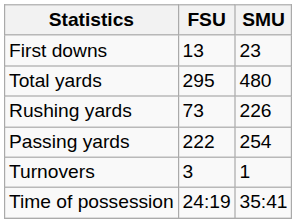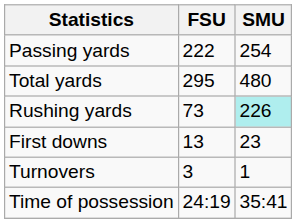 <table class="wikitable" style="float: left;">
 <tr>
 <th>Statistics</th>
 <th>FSU</th>
 <th>SMU</th>
 </tr>
 <tr>
-<td>First downs</td>
-<td>13</td>
-<td>23</td>
+<td>Passing yards</td>
+<td>222</td>
+<td>254</td>
 </tr>
 <tr>
 <td>Total yards</td>
 <td>295</td>
 <td>480</td>
 </tr>
 <tr>
 <td>Rushing yards</td>
 <td>73</td>
-<td>226</td>
+<td style="background: paleturquoise;">226</td>
 </tr>
 <tr>
-<td>Passing yards</td>
-<td>222</td>
-<td>254</td>
+<td>First downs</td>
+<td>13</td>
+<td>23</td>
 </tr>
 <tr>
 <td>Turnovers</td>
 <td>3</td>
 <td>1</td>
 </tr>
 <tr>
 <td>Time of possession</td>
 <td>24:19</td>
 <td>35:41</td>
 </tr>
 <tr>
 </tr>
 </table>
